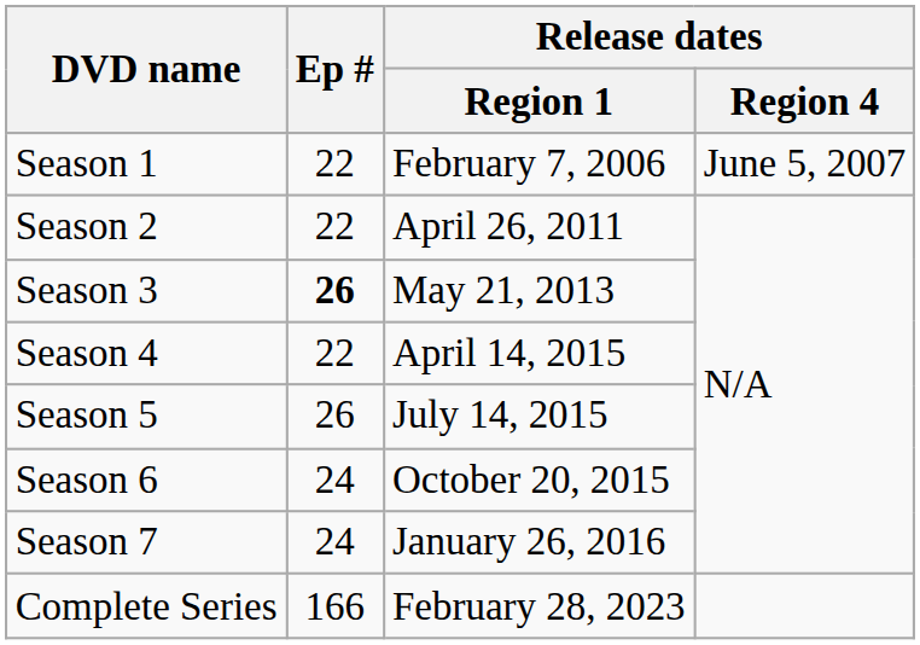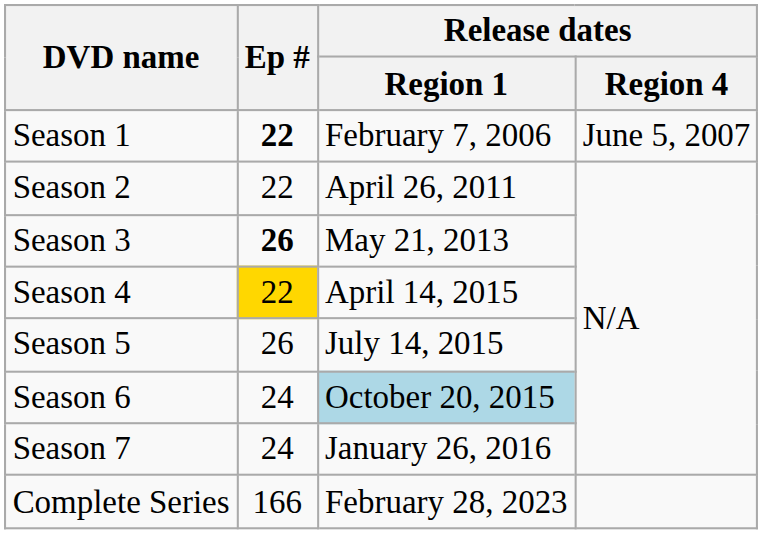 <table class="wikitable">
 <tr>
 <th rowspan="2">DVD name</th>
 <th rowspan="2">Ep #</th>
 <th colspan="3">Release dates</th>
 </tr>
 <tr>
 <th>Region 1</th>
 <th>Region 4</th>
 </tr>
 <tr>
 <td>Season 1</td>
-<td style="text-align:center;">22</td>
+<td style="text-align:center;"><strong>22</strong></td>
 <td>February 7, 2006</td>
 <td>June 5, 2007</td>
 </tr>
 <tr>
 <td>Season 2</td>
 <td style="text-align:center;">22</td>
 <td>April 26, 2011</td>
 <td rowspan="6">N/A</td>
 </tr>
 <tr>
 <td>Season 3</td>
 <td style="text-align:center;"><strong>26</strong></td>
 <td>May 21, 2013</td>
 </tr>
 <tr>
 <td>Season 4</td>
-<td style="text-align:center;">22</td>
+<td style="background: gold; text-align:center;">22</td>
 <td>April 14, 2015</td>
 </tr>
 <tr>
 <td>Season 5</td>
 <td style="text-align:center;">26</td>
 <td>July 14, 2015</td>
 </tr>
 <tr>
 <td>Season 6</td>
 <td style="text-align:center;">24</td>
-<td>October 20, 2015</td>
+<td style="background: lightblue;">October 20, 2015</td>
 </tr>
 <tr>
 <td>Season 7</td>
 <td style="text-align:center;">24</td>
 <td>January 26, 2016</td>
 </tr>
 <tr>
 <td>Complete Series</td>
 <td style="text-align:center;">166</td>
 <td>February 28, 2023</td>
 </tr>
 </table>
